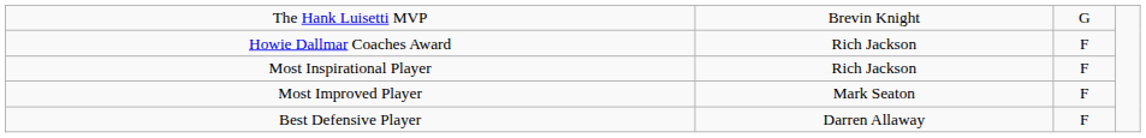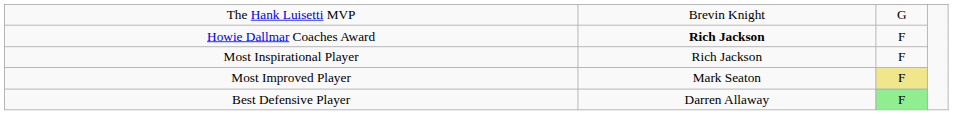 <table class="wikitable" style="width: 90%;text-align: center;">
 <tr align="center">
 <td>The <a href='#'>Hank Luisetti</a> MVP</td>
 <td>Brevin Knight</td>
 <td>G</td>
 <td rowspan="6"></td>
 </tr>
 <tr align="center">
 <td><a href='#'>Howie Dallmar</a> Coaches Award</td>
-<td>Rich Jackson</td>
+<td><strong>Rich Jackson</strong></td>
 <td>F</td>
 </tr>
 <tr align="center">
 <td>Most Inspirational Player</td>
 <td>Rich Jackson</td>
 <td>F</td>
 </tr>
 <tr align="center">
 <td>Most Improved Player</td>
 <td>Mark Seaton</td>
-<td>F</td>
+<td style="background: khaki;">F</td>
 </tr>
 <tr align="center">
 <td>Best Defensive Player</td>
 <td>Darren Allaway</td>
-<td>F</td>
+<td style="background: lightgreen;">F</td>
 </tr>
 </table>
